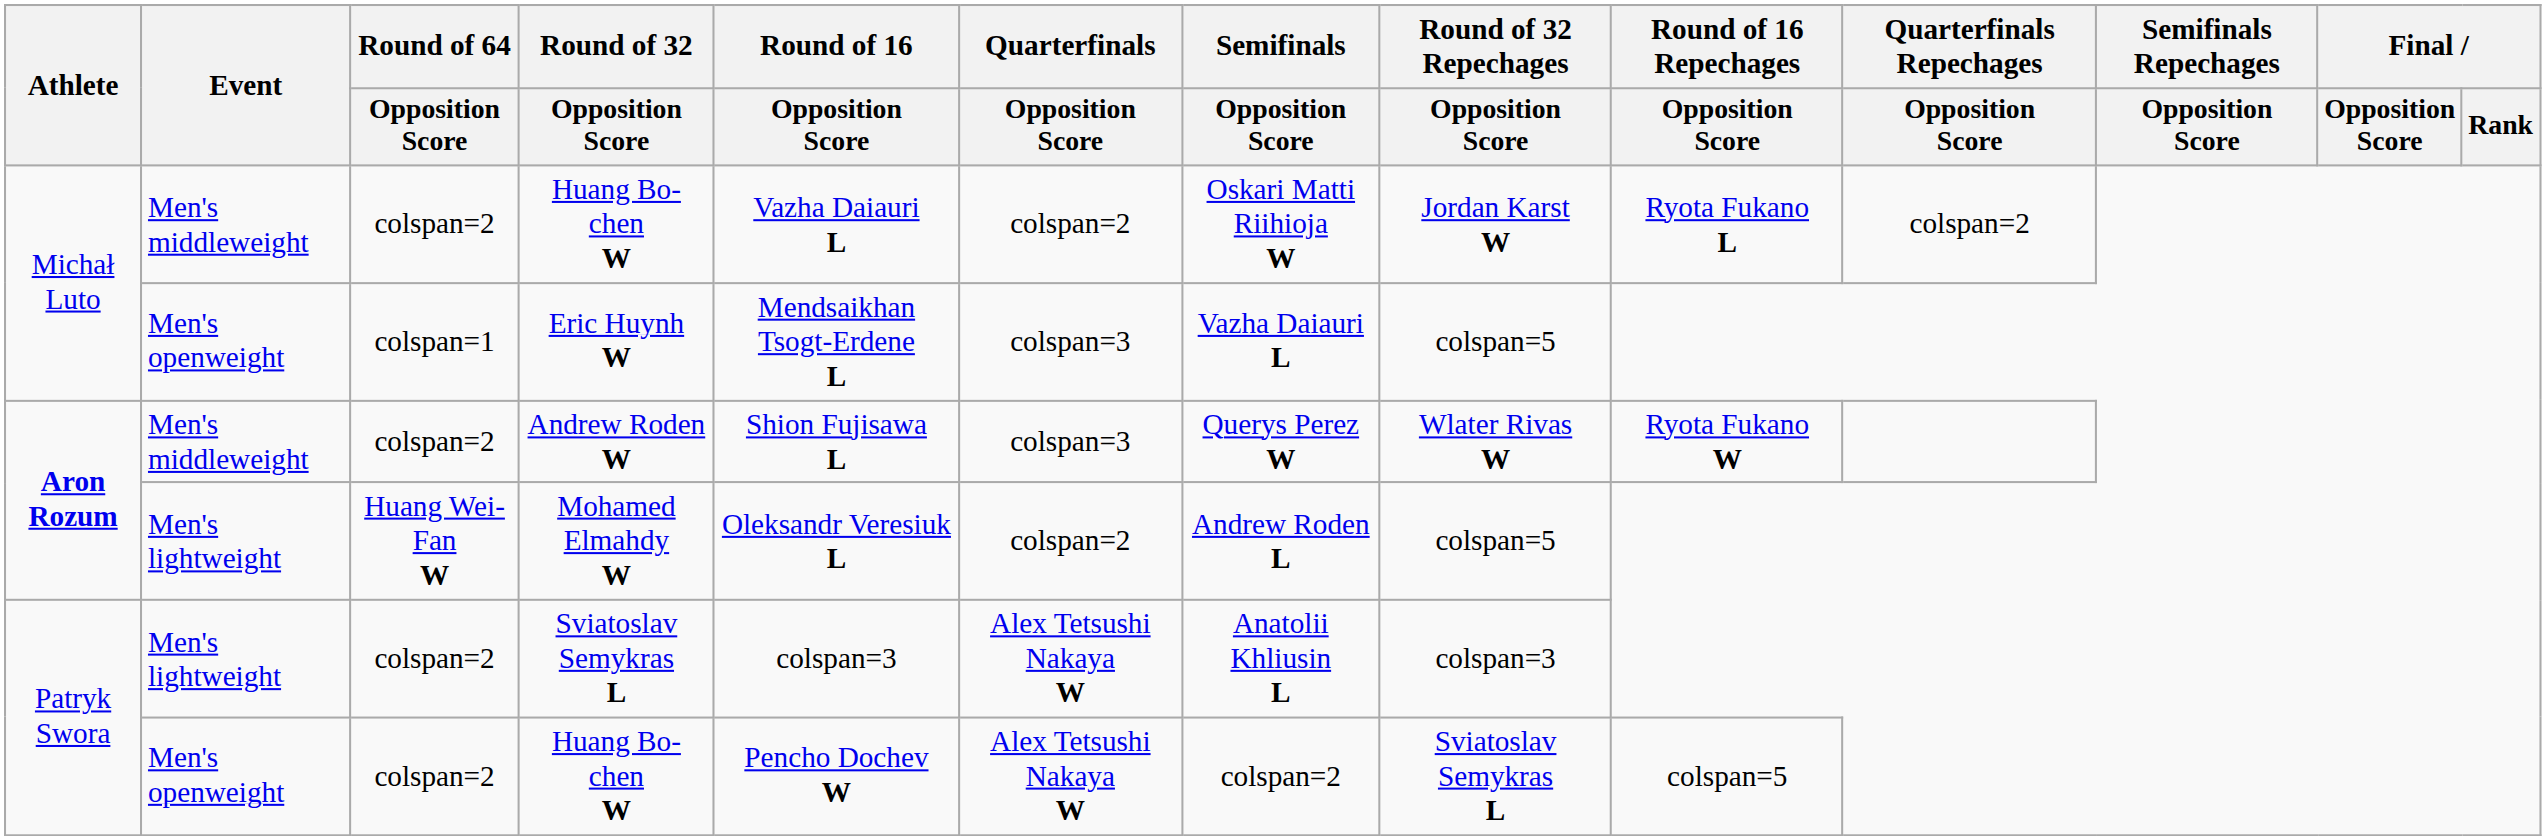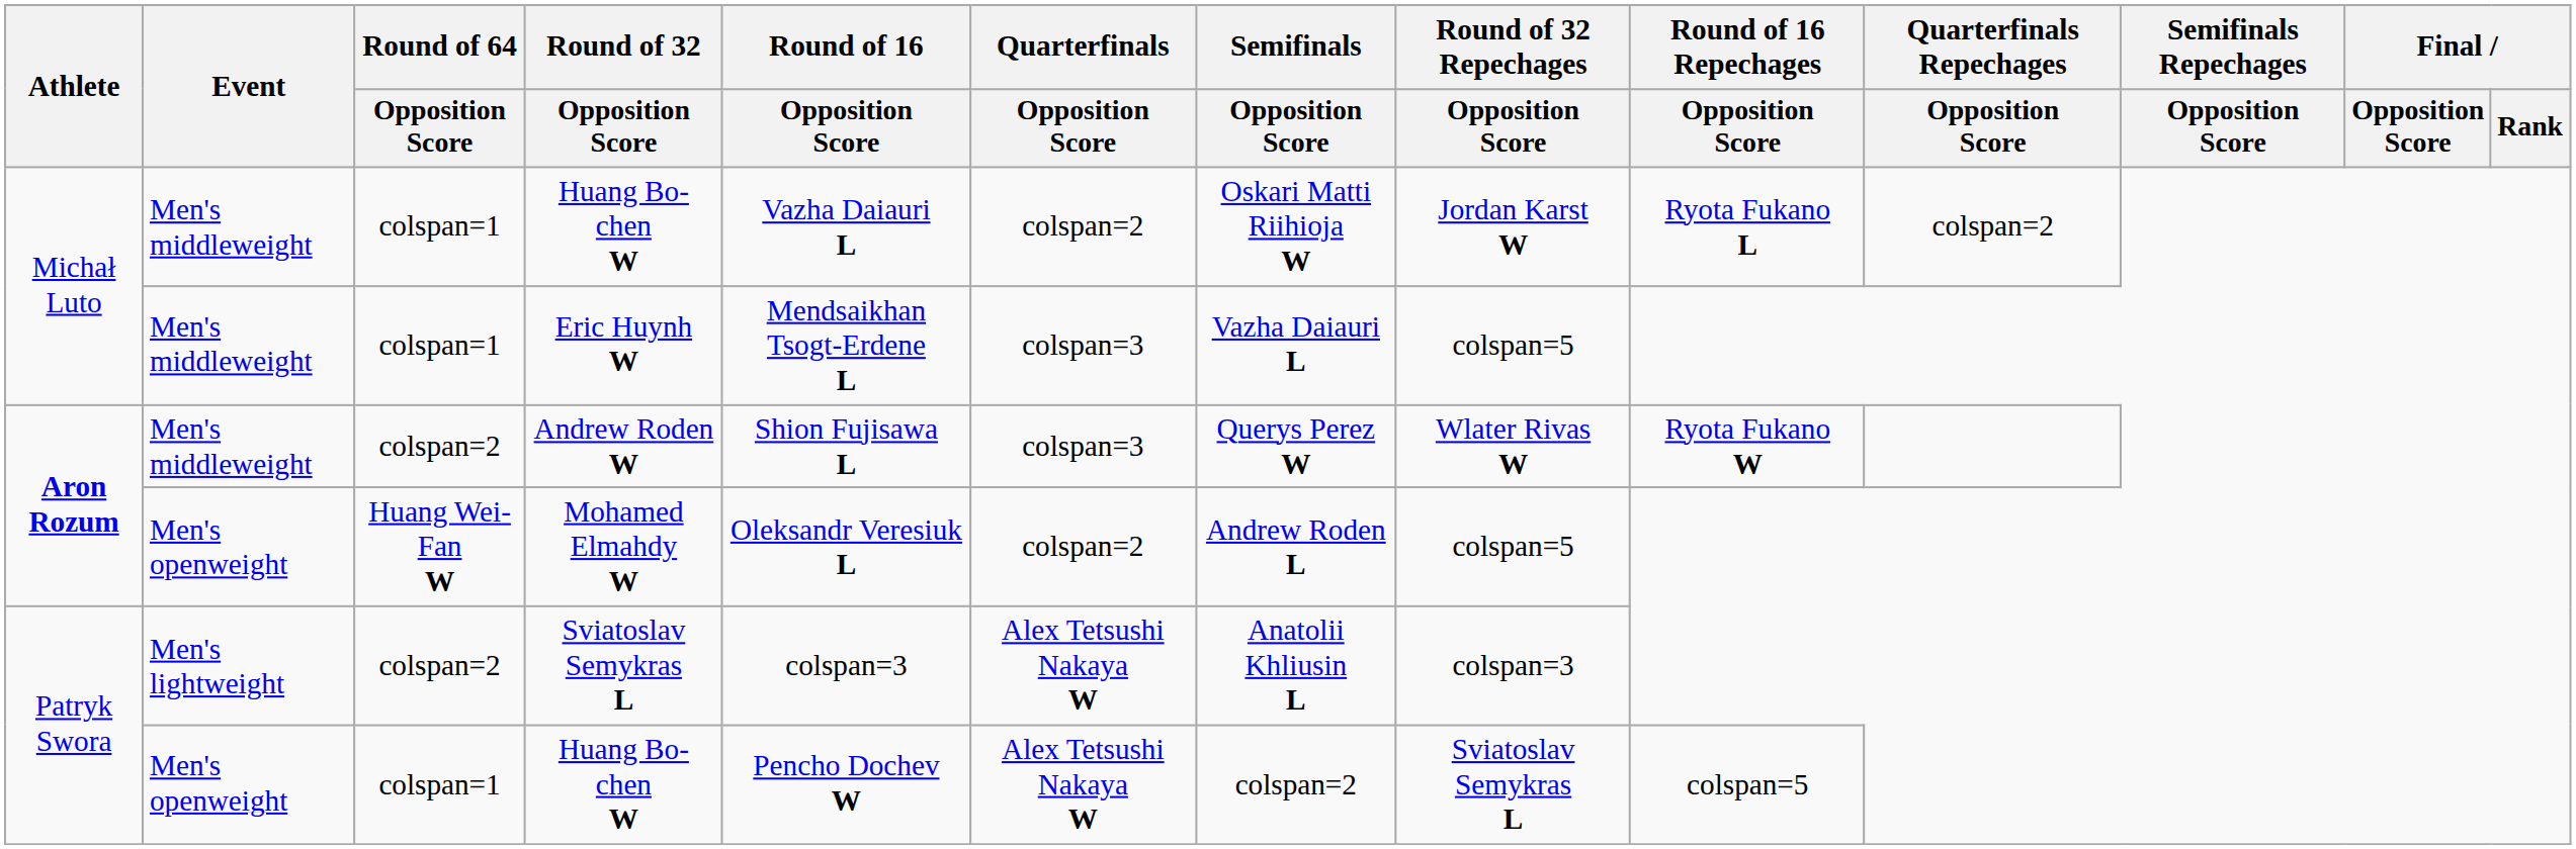 <table class="wikitable" style="font-size:90%">
 <tr>
 <th rowspan=2>Athlete</th>
 <th rowspan=2>Event</th>
 <th>Round of 64</th>
 <th>Round of 32</th>
 <th>Round of 16</th>
 <th>Quarterfinals</th>
 <th>Semifinals</th>
 <th>Round of 32 Repechages</th>
 <th>Round of 16 Repechages</th>
 <th>Quarterfinals Repechages</th>
 <th>Semifinals Repechages</th>
 <th colspan="2">Final / </th>
 </tr>
 <tr style="font-size:95%">
 <th>Opposition<br>Score</th>
 <th>Opposition<br>Score</th>
 <th>Opposition<br>Score</th>
 <th>Opposition<br>Score</th>
 <th>Opposition<br>Score</th>
 <th>Opposition<br>Score</th>
 <th>Opposition<br>Score</th>
 <th>Opposition<br>Score</th>
 <th>Opposition<br>Score</th>
 <th>Opposition<br>Score</th>
 <th>Rank</th>
 </tr>
 <tr align=center>
 <td rowspan=2><a href='#'>Michał Luto</a></td>
 <td align=left><a href='#'>Men's middleweight</a></td>
-<td>colspan=2</td>
+<td>colspan=1</td>
 <td> <a href='#'>Huang Bo-chen</a><br><strong>W</strong></td>
 <td> <a href='#'>Vazha Daiauri</a><br><strong>L</strong></td>
 <td>colspan=2</td>
 <td> <a href='#'>Oskari Matti Riihioja</a><br><strong>W</strong></td>
 <td> <a href='#'>Jordan Karst</a><br><strong>W</strong></td>
 <td> <a href='#'>Ryota Fukano</a><br><strong>L</strong></td>
 <td>colspan=2 </td>
 </tr>
 <tr align=center>
-<td align=left><a href='#'>Men's openweight</a></td>
+<td align=left><a href='#'>Men's middleweight</a></td>
 <td>colspan=1</td>
 <td> <a href='#'>Eric Huynh</a><br><strong>W</strong></td>
 <td> <a href='#'>Mendsaikhan Tsogt-Erdene</a><br><strong>L</strong></td>
 <td>colspan=3</td>
 <td> <a href='#'>Vazha Daiauri</a><br><strong>L</strong></td>
 <td>colspan=5 </td>
 </tr>
 <tr align=center>
 <td rowspan=2><strong><a href='#'>Aron Rozum</a></strong></td>
 <td align=left><a href='#'>Men's middleweight</a></td>
 <td>colspan=2</td>
 <td> <a href='#'>Andrew Roden</a><br><strong>W</strong></td>
 <td> <a href='#'>Shion Fujisawa</a><br><strong>L</strong></td>
 <td>colspan=3</td>
 <td> <a href='#'>Querys Perez</a><br><strong>W</strong></td>
 <td> <a href='#'>Wlater Rivas</a><br><strong>W</strong></td>
 <td> <a href='#'>Ryota Fukano</a><br><strong>W</strong></td>
 <td></td>
 </tr>
 <tr align=center>
-<td align=left><a href='#'>Men's lightweight</a></td>
+<td align=left><a href='#'>Men's openweight</a></td>
 <td> <a href='#'>Huang Wei-Fan</a><br><strong>W</strong></td>
 <td> <a href='#'>Mohamed Elmahdy</a><br><strong>W</strong></td>
 <td> <a href='#'>Oleksandr Veresiuk</a><br><strong>L</strong></td>
 <td>colspan=2</td>
 <td> <a href='#'>Andrew Roden</a><br><strong>L</strong></td>
 <td>colspan=5 </td>
 </tr>
 <tr align=center>
 <td rowspan=2><a href='#'>Patryk Swora</a></td>
 <td align=left><a href='#'>Men's lightweight</a></td>
 <td>colspan=2</td>
 <td> <a href='#'>Sviatoslav Semykras</a><br><strong>L</strong></td>
 <td>colspan=3</td>
 <td> <a href='#'>Alex Tetsushi Nakaya</a><br><strong>W</strong></td>
 <td> <a href='#'>Anatolii Khliusin</a><br><strong>L</strong></td>
 <td>colspan=3 </td>
 </tr>
 <tr align=center>
 <td align=left><a href='#'>Men's openweight</a></td>
-<td>colspan=2</td>
+<td>colspan=1</td>
 <td> <a href='#'>Huang Bo-chen</a><br><strong>W</strong></td>
 <td> <a href='#'>Pencho Dochev</a><br><strong>W</strong></td>
 <td> <a href='#'>Alex Tetsushi Nakaya</a><br><strong>W</strong></td>
 <td>colspan=2</td>
 <td> <a href='#'>Sviatoslav Semykras</a><br><strong>L</strong></td>
 <td>colspan=5 </td>
 </tr>
 </table>
